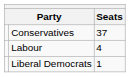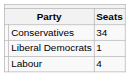 <table class="wikitable">
 <tr>
 <th colspan="3"></th>
 </tr>
 <tr>
 <th colspan="2">Party</th>
 <th>Seats</th>
 </tr>
 <tr>
 <td style="color:inherit;background:"></td>
 <td>Conservatives</td>
-<td>37</td>
+<td>34</td>
+</tr>
+<tr>
+<td style="color:inherit;background:"></td>
+<td>Liberal Democrats</td>
+<td>1</td>
 </tr>
 <tr>
 <td style="color:inherit;background:"></td>
 <td>Labour</td>
 <td>4</td>
 </tr>
-<tr>
-<td style="color:inherit;background:"></td>
-<td>Liberal Democrats</td>
-<td>1</td>
-</tr>
 </table>
